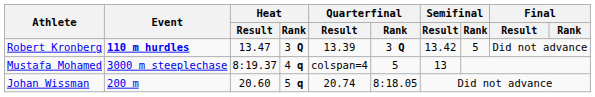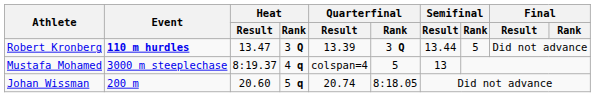 <table class=wikitable style="font-size:90%">
 <tr>
 <th rowspan="2">Athlete</th>
 <th rowspan="2">Event</th>
 <th colspan="2">Heat</th>
 <th colspan="2">Quarterfinal</th>
 <th colspan="2">Semifinal</th>
 <th colspan="2">Final</th>
 </tr>
 <tr style="font-size:95%">
 <th>Result</th>
 <th>Rank</th>
 <th>Result</th>
 <th>Rank</th>
 <th>Result</th>
 <th>Rank</th>
 <th>Result</th>
 <th>Rank</th>
 </tr>
 <tr align=center>
 <td align=left><a href='#'>Robert Kronberg</a></td>
 <td align=left><strong><a href='#'>110 m hurdles</a></strong></td>
 <td>13.47</td>
 <td>3 <strong>Q</strong></td>
 <td>13.39</td>
 <td>3 <strong>Q</strong></td>
-<td>13.42</td>
+<td>13.44</td>
 <td>5</td>
 <td colspan=2>Did not advance</td>
 </tr>
 <tr align=center>
 <td align=left><a href='#'>Mustafa Mohamed</a></td>
 <td align=left><a href='#'>3000 m steeplechase</a></td>
 <td>8:19.37</td>
 <td>4 <strong>q</strong></td>
 <td>colspan=4 </td>
 <td>5</td>
 <td>13</td>
 </tr>
 <tr align=center>
 <td align=left><a href='#'>Johan Wissman</a></td>
 <td align=left><a href='#'>200 m</a></td>
 <td>20.60</td>
 <td>5 <strong>q</strong></td>
 <td>20.74</td>
 <td>8:18.05</td>
 <td colspan=4>Did not advance</td>
 </tr>
 </table>
